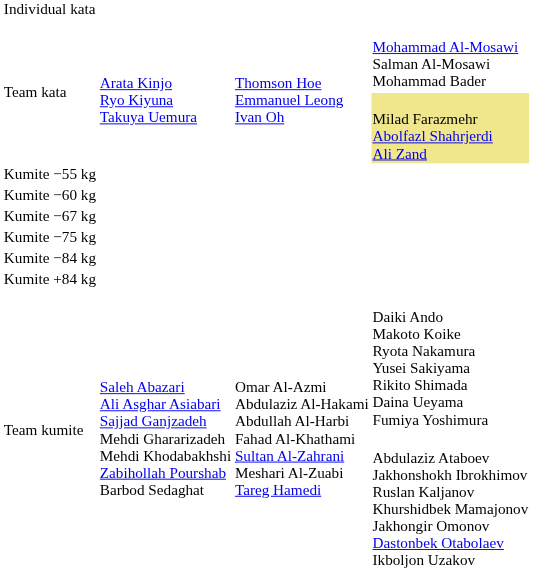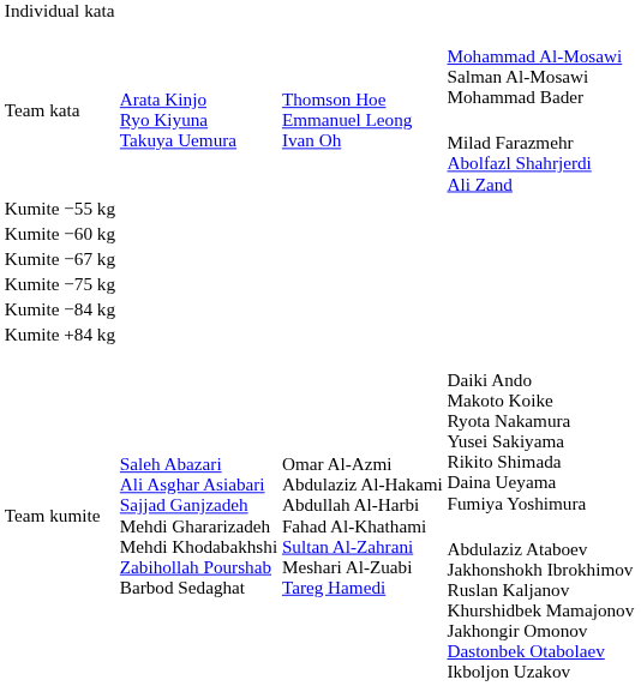 <table>
 <tr>
 <td rowspan=2>Individual kata</td>
 <td rowspan=2></td>
 <td rowspan=2></td>
 <td></td>
 </tr>
 <tr>
 <td></td>
 </tr>
 <tr>
 <td rowspan=2>Team kata</td>
 <td rowspan=2><br><a href='#'>Arata Kinjo</a><br><a href='#'>Ryo Kiyuna</a><br><a href='#'>Takuya Uemura</a></td>
 <td rowspan=2><br><a href='#'>Thomson Hoe</a><br><a href='#'>Emmanuel Leong</a><br><a href='#'>Ivan Oh</a></td>
 <td><br><a href='#'>Mohammad Al-Mosawi</a><br>Salman Al-Mosawi<br>Mohammad Bader</td>
 </tr>
 <tr>
-<td style="background: khaki;"><br>Milad Farazmehr<br><a href='#'>Abolfazl Shahrjerdi</a><br><a href='#'>Ali Zand</a></td>
+<td><br>Milad Farazmehr<br><a href='#'>Abolfazl Shahrjerdi</a><br><a href='#'>Ali Zand</a></td>
 </tr>
 <tr>
 <td rowspan=2>Kumite −55 kg</td>
 <td rowspan=2></td>
 <td rowspan=2></td>
 <td></td>
 </tr>
 <tr>
 <td></td>
 </tr>
 <tr>
 <td rowspan=2>Kumite −60 kg</td>
 <td rowspan=2></td>
 <td rowspan=2></td>
 <td></td>
 </tr>
 <tr>
 <td></td>
 </tr>
 <tr>
 <td rowspan=2>Kumite −67 kg</td>
 <td rowspan=2></td>
 <td rowspan=2></td>
 <td></td>
 </tr>
 <tr>
 <td></td>
 </tr>
 <tr>
 <td rowspan=2>Kumite −75 kg</td>
 <td rowspan=2></td>
 <td rowspan=2></td>
 <td></td>
 </tr>
 <tr>
 <td></td>
 </tr>
 <tr>
 <td rowspan=2>Kumite −84 kg</td>
 <td rowspan=2></td>
 <td rowspan=2></td>
 <td></td>
 </tr>
 <tr>
 <td></td>
 </tr>
 <tr>
 <td rowspan=2>Kumite +84 kg</td>
 <td rowspan=2></td>
 <td rowspan=2></td>
 <td></td>
 </tr>
 <tr>
 <td></td>
 </tr>
 <tr>
 <td rowspan=2>Team kumite</td>
 <td rowspan=2><br><a href='#'>Saleh Abazari</a><br><a href='#'>Ali Asghar Asiabari</a><br><a href='#'>Sajjad Ganjzadeh</a><br>Mehdi Ghararizadeh<br>Mehdi Khodabakhshi<br><a href='#'>Zabihollah Pourshab</a><br>Barbod Sedaghat</td>
 <td rowspan=2><br>Omar Al-Azmi<br>Abdulaziz Al-Hakami<br>Abdullah Al-Harbi<br>Fahad Al-Khathami<br><a href='#'>Sultan Al-Zahrani</a><br>Meshari Al-Zuabi<br><a href='#'>Tareg Hamedi</a></td>
 <td><br>Daiki Ando<br>Makoto Koike<br>Ryota Nakamura<br>Yusei Sakiyama<br>Rikito Shimada<br>Daina Ueyama<br>Fumiya Yoshimura</td>
 </tr>
 <tr>
 <td><br>Abdulaziz Ataboev<br>Jakhonshokh Ibrokhimov<br>Ruslan Kaljanov<br>Khurshidbek Mamajonov<br>Jakhongir Omonov<br><a href='#'>Dastonbek Otabolaev</a><br>Ikboljon Uzakov</td>
 </tr>
 </table>
